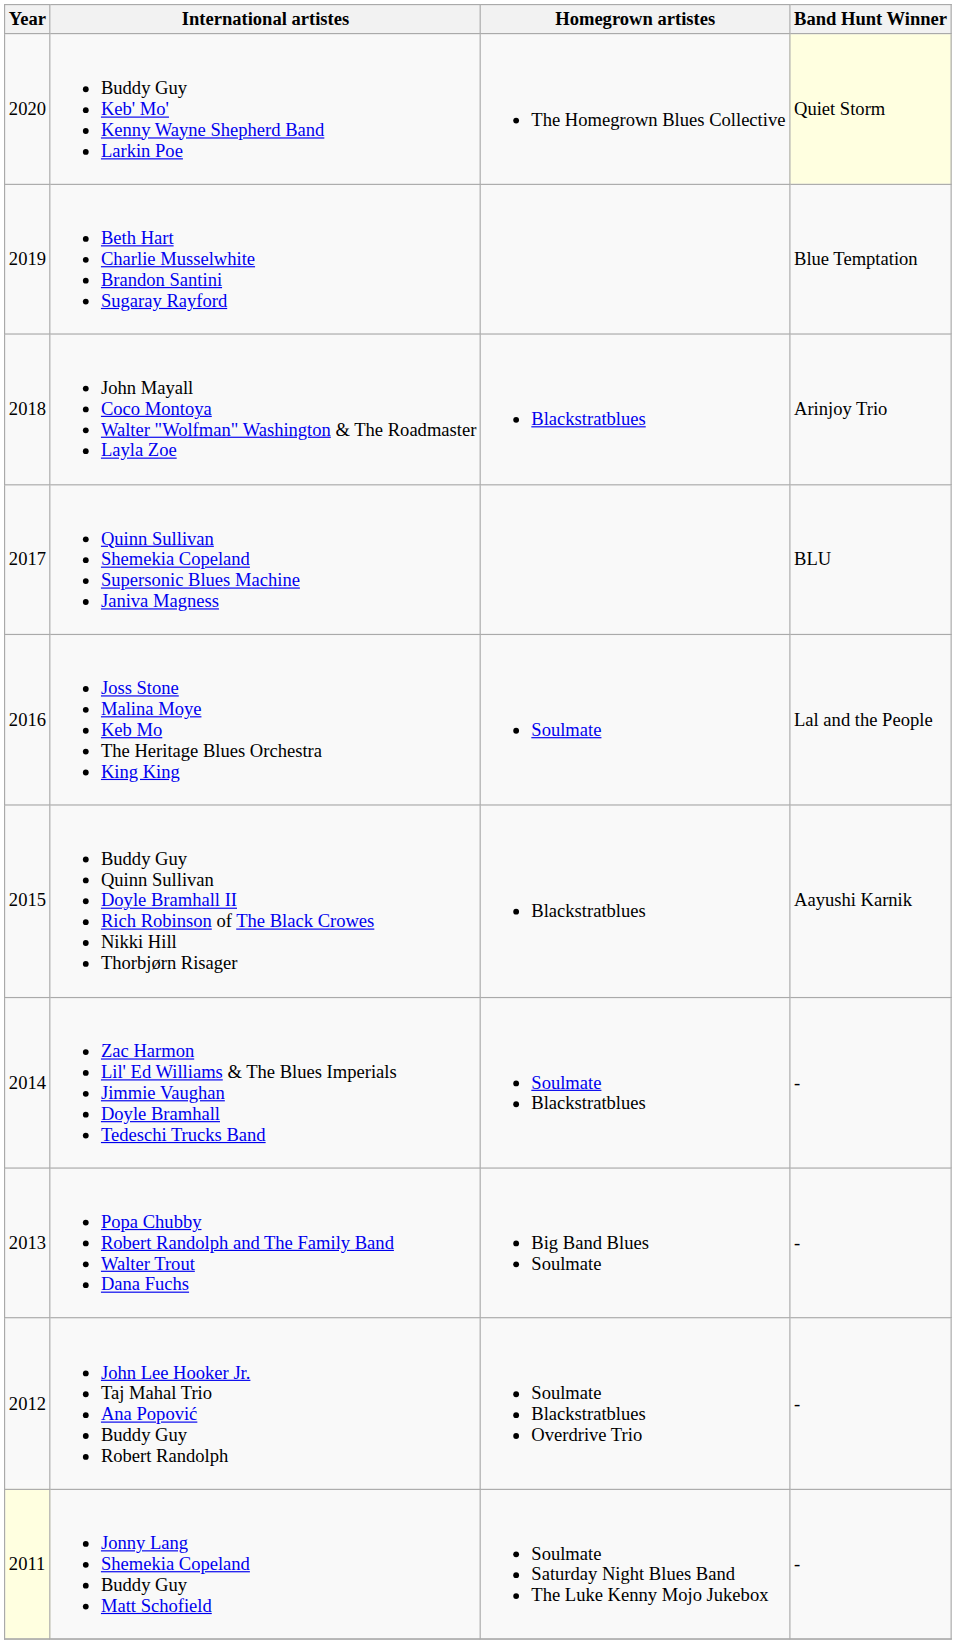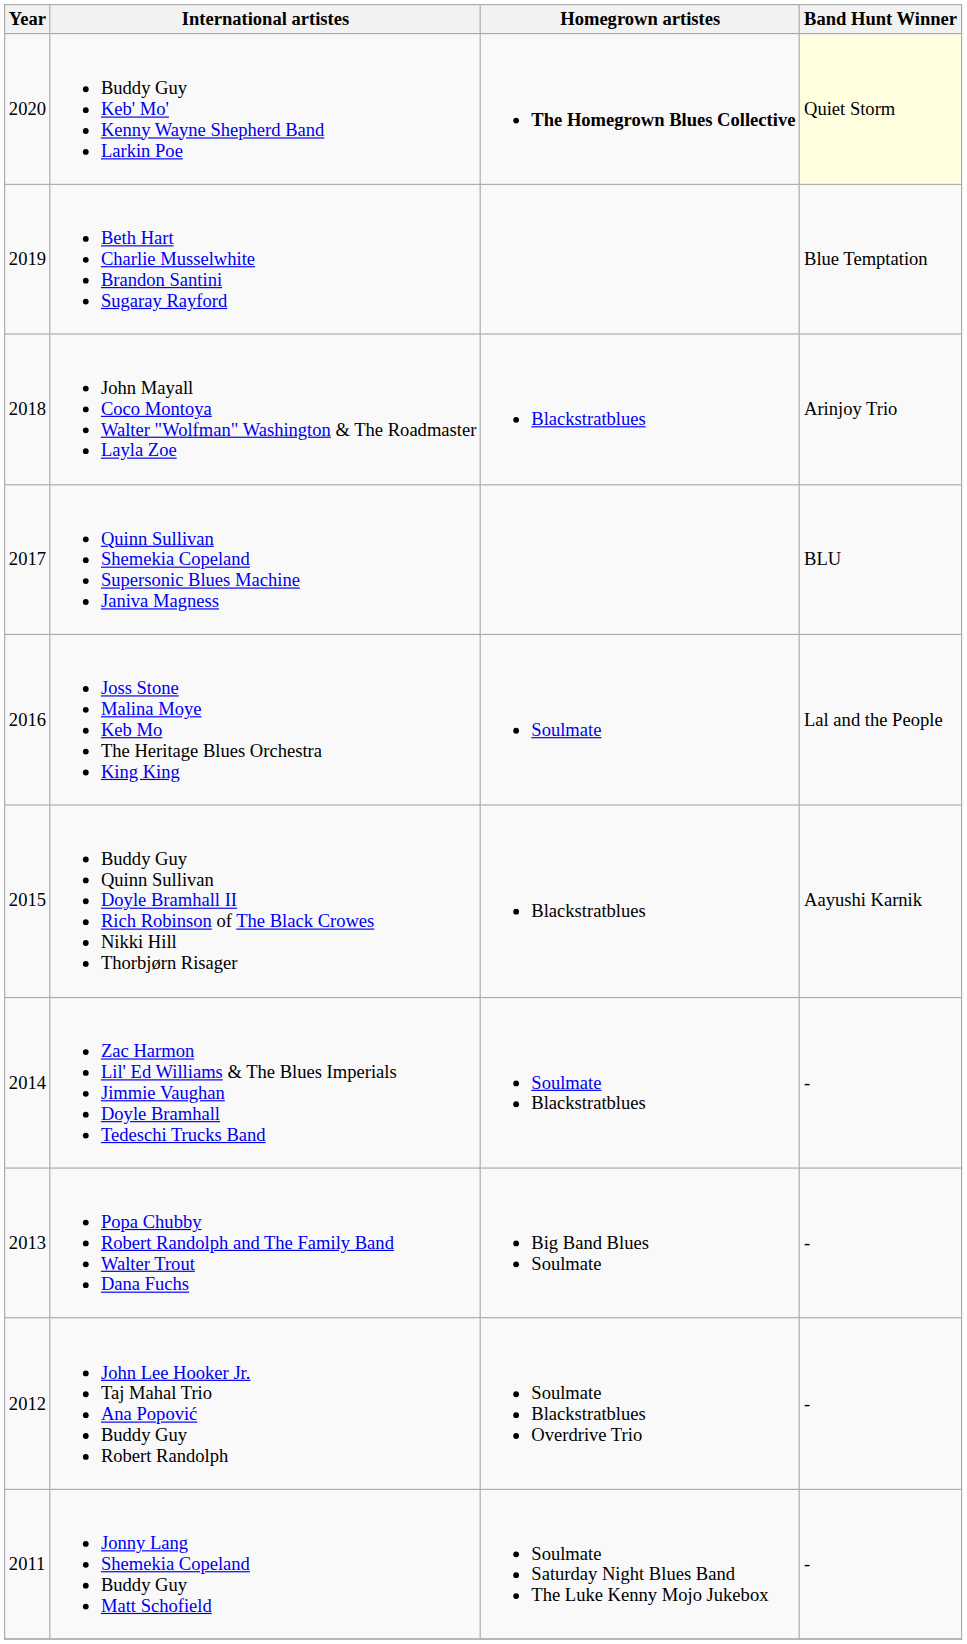 <table class="wikitable sortable">
 <tr>
 <th>Year</th>
 <th>International artistes</th>
 <th class="unsortable">Homegrown artistes</th>
 <th>Band Hunt Winner</th>
 </tr>
 <tr>
 <td>2020</td>
 <td><br><ul><li>Buddy Guy</li><li><a href='#'>Keb' Mo'</a></li><li><a href='#'>Kenny Wayne Shepherd Band</a></li><li><a href='#'>Larkin Poe</a></li></ul></td>
-<td><br><ul><li>The Homegrown Blues Collective</li></ul></td>
+<td><strong><br><ul><li>The Homegrown Blues Collective</li></ul></strong></td>
 <td style="background: lightyellow;">Quiet Storm</td>
 </tr>
 <tr>
 <td>2019</td>
 <td><br><ul><li><a href='#'>Beth Hart</a></li><li><a href='#'>Charlie Musselwhite</a></li><li><a href='#'>Brandon Santini</a></li><li><a href='#'>Sugaray Rayford</a></li></ul></td>
 <td></td>
 <td>Blue Temptation</td>
 </tr>
 <tr>
 <td>2018</td>
 <td><br><ul><li>John Mayall</li><li><a href='#'>Coco Montoya</a></li><li><a href='#'>Walter "Wolfman" Washington</a> & The Roadmaster</li><li><a href='#'>Layla Zoe</a></li></ul></td>
 <td><br><ul><li><a href='#'>Blackstratblues</a></li></ul></td>
 <td>Arinjoy Trio</td>
 </tr>
 <tr>
 <td>2017</td>
 <td><br><ul><li><a href='#'>Quinn Sullivan</a></li><li><a href='#'>Shemekia Copeland</a></li><li><a href='#'>Supersonic Blues Machine</a></li><li><a href='#'>Janiva Magness</a></li></ul></td>
 <td></td>
 <td>BLU</td>
 </tr>
 <tr>
 <td>2016</td>
 <td><br><ul><li><a href='#'>Joss Stone</a></li><li><a href='#'>Malina Moye</a></li><li><a href='#'>Keb Mo</a></li><li>The Heritage Blues Orchestra</li><li><a href='#'>King King</a></li></ul></td>
 <td><br><ul><li><a href='#'>Soulmate</a></li></ul></td>
 <td>Lal and the People</td>
 </tr>
 <tr>
 <td>2015</td>
 <td><br><ul><li>Buddy Guy</li><li>Quinn Sullivan</li><li><a href='#'>Doyle Bramhall II</a></li><li><a href='#'>Rich Robinson</a> of <a href='#'>The Black Crowes</a></li><li>Nikki Hill</li><li>Thorbjørn Risager</li></ul></td>
 <td><br><ul><li>Blackstratblues</li></ul></td>
 <td>Aayushi Karnik</td>
 </tr>
 <tr>
 <td>2014</td>
 <td><br><ul><li><a href='#'>Zac Harmon</a></li><li><a href='#'>Lil' Ed Williams</a> & The Blues Imperials</li><li><a href='#'>Jimmie Vaughan</a></li><li><a href='#'>Doyle Bramhall</a></li><li><a href='#'>Tedeschi Trucks Band</a></li></ul></td>
 <td><br><ul><li><a href='#'>Soulmate</a></li><li>Blackstratblues</li></ul></td>
 <td>-</td>
 </tr>
 <tr>
 <td>2013</td>
 <td><br><ul><li><a href='#'>Popa Chubby</a></li><li><a href='#'>Robert Randolph and The Family Band</a></li><li><a href='#'>Walter Trout</a></li><li><a href='#'>Dana Fuchs</a></li></ul></td>
 <td><br><ul><li>Big Band Blues</li><li>Soulmate</li></ul></td>
 <td>-</td>
 </tr>
 <tr>
 <td>2012</td>
 <td><br><ul><li><a href='#'>John Lee Hooker Jr.</a></li><li>Taj Mahal Trio</li><li><a href='#'>Ana Popović</a></li><li>Buddy Guy</li><li>Robert Randolph</li></ul></td>
 <td><br><ul><li>Soulmate</li><li>Blackstratblues</li><li>Overdrive Trio</li></ul></td>
 <td>-</td>
 </tr>
 <tr>
-<td style="background: lightyellow;">2011</td>
+<td>2011</td>
 <td><br><ul><li><a href='#'>Jonny Lang</a></li><li><a href='#'>Shemekia Copeland</a></li><li>Buddy Guy</li><li><a href='#'>Matt Schofield</a></li></ul></td>
 <td><br><ul><li>Soulmate</li><li>Saturday Night Blues Band</li><li>The Luke Kenny Mojo Jukebox</li></ul></td>
 <td>-</td>
 </tr>
 <tr>
 </tr>
 </table>
